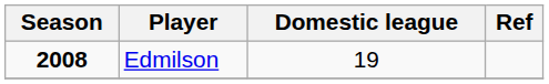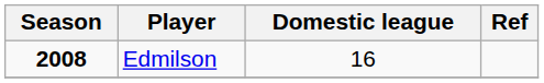 <table class="wikitable sortable" style="width:60%; align:center; text-align:center">
 <tr>
 <th>Season</th>
 <th class="unsortable">Player</th>
 <th>Domestic league</th>
 <th>Ref</th>
 </tr>
 <tr>
 <td><strong>2008</strong></td>
 <td align="left"> <a href='#'>Edmilson</a></td>
-<td>19</td>
+<td>16</td>
 <td></td>
 </tr>
 <tr>
 </tr>
 </table>
